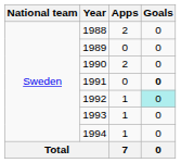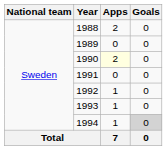 <table class="wikitable" style="text-align: center">
 <tr>
 <th>National team</th>
 <th>Year</th>
 <th>Apps</th>
 <th>Goals</th>
 </tr>
 <tr>
 <td rowspan="7"><a href='#'>Sweden</a></td>
 <td>1988</td>
 <td>2</td>
 <td>0</td>
 </tr>
 <tr>
 <td>1989</td>
 <td>0</td>
 <td>0</td>
 </tr>
 <tr>
 <td>1990</td>
-<td>2</td>
+<td style="background: lightyellow;">2</td>
 <td>0</td>
 </tr>
 <tr>
 <td>1991</td>
 <td>0</td>
-<td><strong>0</strong></td>
+<td>0</td>
 </tr>
 <tr>
 <td>1992</td>
 <td>1</td>
-<td style="background: paleturquoise;">0</td>
+<td>0</td>
 </tr>
 <tr>
 <td>1993</td>
 <td>1</td>
 <td>0</td>
 </tr>
 <tr>
 <td>1994</td>
 <td>1</td>
-<td>0</td>
+<td style="background: lightgrey;">0</td>
 </tr>
 <tr>
 <th colspan="2">Total</th>
 <th>7</th>
 <th>0</th>
 </tr>
 </table>
